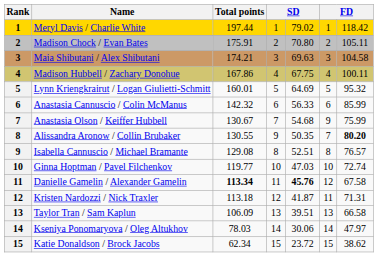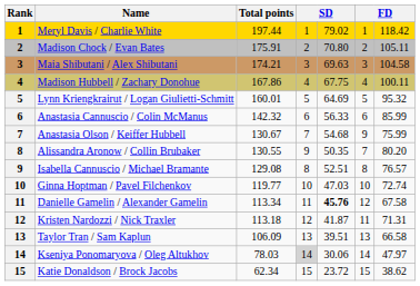 <table class="wikitable sortable">
 <tr>
 <th>Rank</th>
 <th>Name</th>
 <th>Total points</th>
 <th colspan="2" width="80px"><a href='#'>SD</a></th>
 <th colspan="2" width="80px"><a href='#'>FD</a></th>
 </tr>
 <tr bgcolor="gold">
 <td align="center"><strong>1</strong></td>
 <td><a href='#'>Meryl Davis</a> / <a href='#'> Charlie White</a></td>
 <td align="center">197.44</td>
 <td align="center">1</td>
 <td align="center">79.02</td>
 <td align="center">1</td>
 <td align="center">118.42</td>
 </tr>
 <tr bgcolor="silver">
 <td align="center"><strong>2</strong></td>
 <td><a href='#'>Madison Chock</a> / <a href='#'>Evan Bates</a></td>
 <td align="center">175.91</td>
 <td align="center">2</td>
 <td align="center">70.80</td>
 <td align="center">2</td>
 <td align="center">105.11</td>
 </tr>
 <tr bgcolor="cc9966">
 <td align="center"><strong>3</strong></td>
 <td><a href='#'>Maia Shibutani</a> / <a href='#'>Alex Shibutani</a></td>
 <td align="center">174.21</td>
 <td align="center">3</td>
 <td align="center">69.63</td>
 <td align="center">3</td>
 <td align="center">104.58</td>
 </tr>
 <tr bgcolor="#d1c571">
 <td align="center"><strong>4</strong></td>
 <td><a href='#'>Madison Hubbell</a> / <a href='#'>Zachary Donohue</a></td>
 <td align="center">167.86</td>
 <td align="center">4</td>
 <td align="center">67.75</td>
 <td align="center">4</td>
 <td align="center">100.11</td>
 </tr>
 <tr>
 <th>5</th>
 <td><a href='#'>Lynn Kriengkrairut</a> / <a href='#'>Logan Giulietti-Schmitt</a></td>
 <td align="center">160.01</td>
 <td align="center">5</td>
 <td align="center">64.69</td>
 <td align="center">5</td>
 <td align="center">95.32</td>
 </tr>
 <tr>
 <th>6</th>
 <td><a href='#'>Anastasia Cannuscio</a> / <a href='#'>Colin McManus</a></td>
 <td align="center">142.32</td>
 <td align="center">6</td>
 <td align="center">56.33</td>
 <td align="center">6</td>
 <td align="center">85.99</td>
 </tr>
 <tr>
 <th>7</th>
 <td><a href='#'>Anastasia Olson</a> / <a href='#'>Keiffer Hubbell</a></td>
 <td align="center">130.67</td>
 <td align="center">7</td>
 <td align="center">54.68</td>
 <td align="center">9</td>
 <td align="center">75.99</td>
 </tr>
 <tr>
 <th>8</th>
 <td><a href='#'>Alissandra Aronow</a> / <a href='#'>Collin Brubaker</a></td>
 <td align="center">130.55</td>
 <td align="center">9</td>
 <td align="center">50.35</td>
 <td align="center">7</td>
-<td align="center"><strong>80.20</strong></td>
+<td align="center">80.20</td>
 </tr>
 <tr>
 <th>9</th>
 <td><a href='#'>Isabella Cannuscio</a> / <a href='#'>Michael Bramante</a></td>
 <td align="center">129.08</td>
 <td align="center">8</td>
 <td align="center">52.51</td>
 <td align="center">8</td>
 <td align="center">76.57</td>
 </tr>
 <tr>
 <th>10</th>
 <td><a href='#'>Ginna Hoptman</a> / <a href='#'>Pavel Filchenkov</a></td>
 <td align="center">119.77</td>
 <td align="center">10</td>
 <td align="center">47.03</td>
 <td align="center">10</td>
 <td align="center">72.74</td>
 </tr>
 <tr>
 <th>11</th>
 <td><a href='#'>Danielle Gamelin</a> / <a href='#'>Alexander Gamelin</a></td>
-<td align="center"><strong>113.34</strong></td>
+<td align="center">113.34</td>
 <td align="center">11</td>
 <td align="center"><strong>45.76</strong></td>
 <td align="center">12</td>
 <td align="center">67.58</td>
 </tr>
 <tr>
 <th>12</th>
 <td><a href='#'>Kristen Nardozzi</a> / <a href='#'>Nick Traxler</a></td>
 <td align="center">113.18</td>
 <td align="center">12</td>
 <td align="center">41.87</td>
 <td align="center">11</td>
 <td align="center">71.31</td>
 </tr>
 <tr>
 <th>13</th>
 <td><a href='#'>Taylor Tran</a> / <a href='#'>Sam Kaplun</a></td>
 <td align="center">106.09</td>
 <td align="center">13</td>
 <td align="center">39.51</td>
 <td align="center">13</td>
 <td align="center">66.58</td>
 </tr>
 <tr>
 <th>14</th>
 <td><a href='#'>Kseniya Ponomaryova</a> / <a href='#'>Oleg Altukhov</a></td>
 <td align="center">78.03</td>
-<td align="center">14</td>
+<td align="center" style="background: lightgrey;">14</td>
 <td align="center">30.06</td>
 <td align="center">14</td>
 <td align="center">47.97</td>
 </tr>
 <tr>
 <th>15</th>
 <td><a href='#'>Katie Donaldson</a> / <a href='#'>Brock Jacobs</a></td>
 <td align="center">62.34</td>
 <td align="center">15</td>
 <td align="center">23.72</td>
 <td align="center">15</td>
 <td align="center">38.62</td>
 </tr>
 </table>
